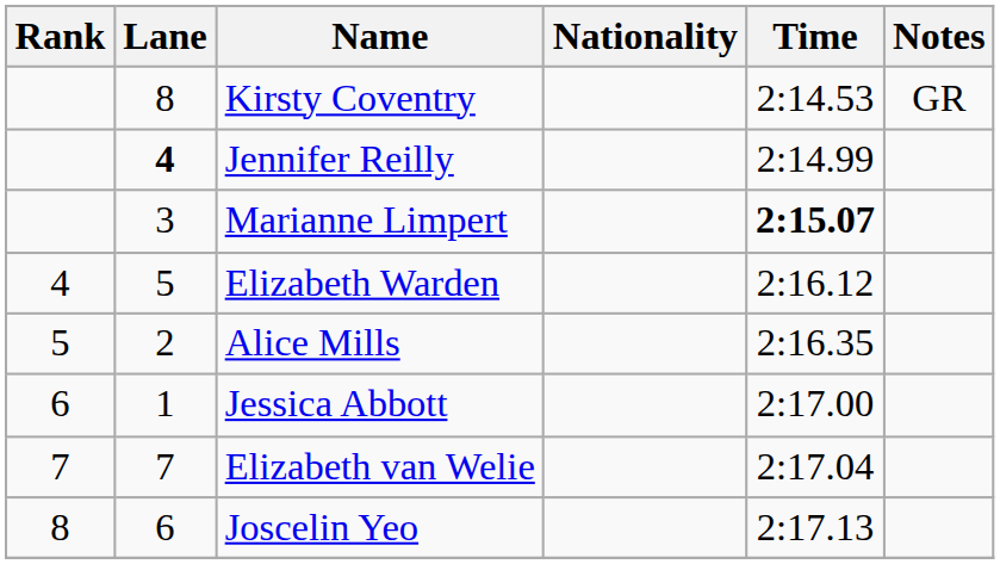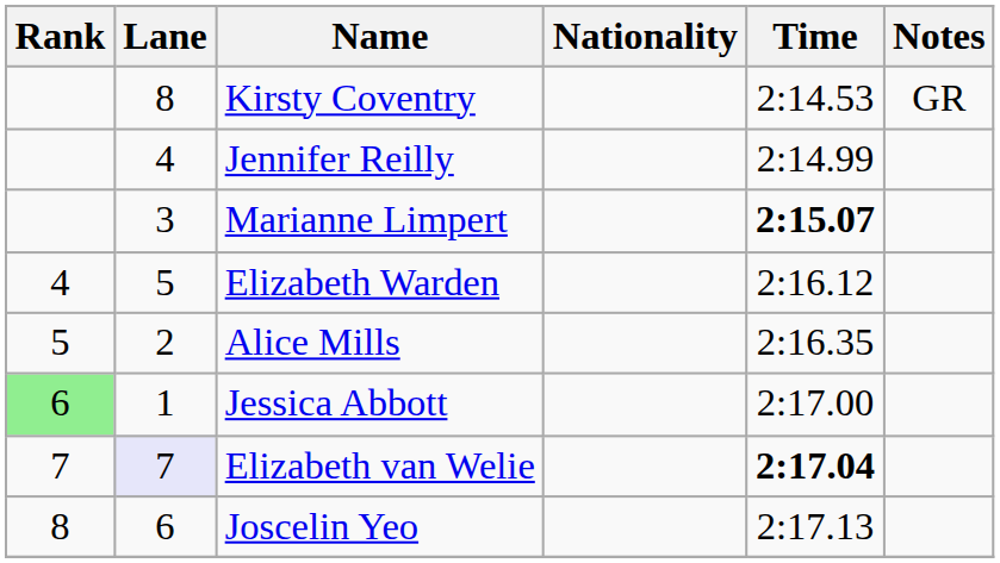 <table class="wikitable sortable" style="text-align:center">
 <tr>
 <th>Rank</th>
 <th>Lane</th>
 <th>Name</th>
 <th>Nationality</th>
 <th>Time</th>
 <th>Notes</th>
 </tr>
 <tr>
 <td></td>
 <td>8</td>
 <td align=left><a href='#'>Kirsty Coventry</a></td>
 <td align=left></td>
 <td>2:14.53</td>
 <td>GR</td>
 </tr>
 <tr>
 <td></td>
-<td><strong>4</strong></td>
+<td>4</td>
 <td align=left><a href='#'>Jennifer Reilly</a></td>
 <td align=left></td>
 <td>2:14.99</td>
 <td></td>
 </tr>
 <tr>
 <td></td>
 <td>3</td>
 <td align=left><a href='#'>Marianne Limpert</a></td>
 <td align=left></td>
 <td><strong>2:15.07</strong></td>
 <td></td>
 </tr>
 <tr>
 <td>4</td>
 <td>5</td>
 <td align=left><a href='#'>Elizabeth Warden</a></td>
 <td align=left></td>
 <td>2:16.12</td>
 <td></td>
 </tr>
 <tr>
 <td>5</td>
 <td>2</td>
 <td align=left><a href='#'>Alice Mills</a></td>
 <td align=left></td>
 <td>2:16.35</td>
 <td></td>
 </tr>
 <tr>
-<td>6</td>
+<td style="background: lightgreen;">6</td>
 <td>1</td>
 <td align=left><a href='#'>Jessica Abbott</a></td>
 <td align=left></td>
 <td>2:17.00</td>
 <td></td>
 </tr>
 <tr>
 <td>7</td>
-<td>7</td>
+<td style="background: lavender;">7</td>
 <td align=left><a href='#'>Elizabeth van Welie</a></td>
 <td align=left></td>
-<td>2:17.04</td>
+<td><strong>2:17.04</strong></td>
 <td></td>
 </tr>
 <tr>
 <td>8</td>
 <td>6</td>
 <td align=left><a href='#'>Joscelin Yeo</a></td>
 <td align=left></td>
 <td>2:17.13</td>
 <td></td>
 </tr>
 <tr>
 </tr>
 </table>
